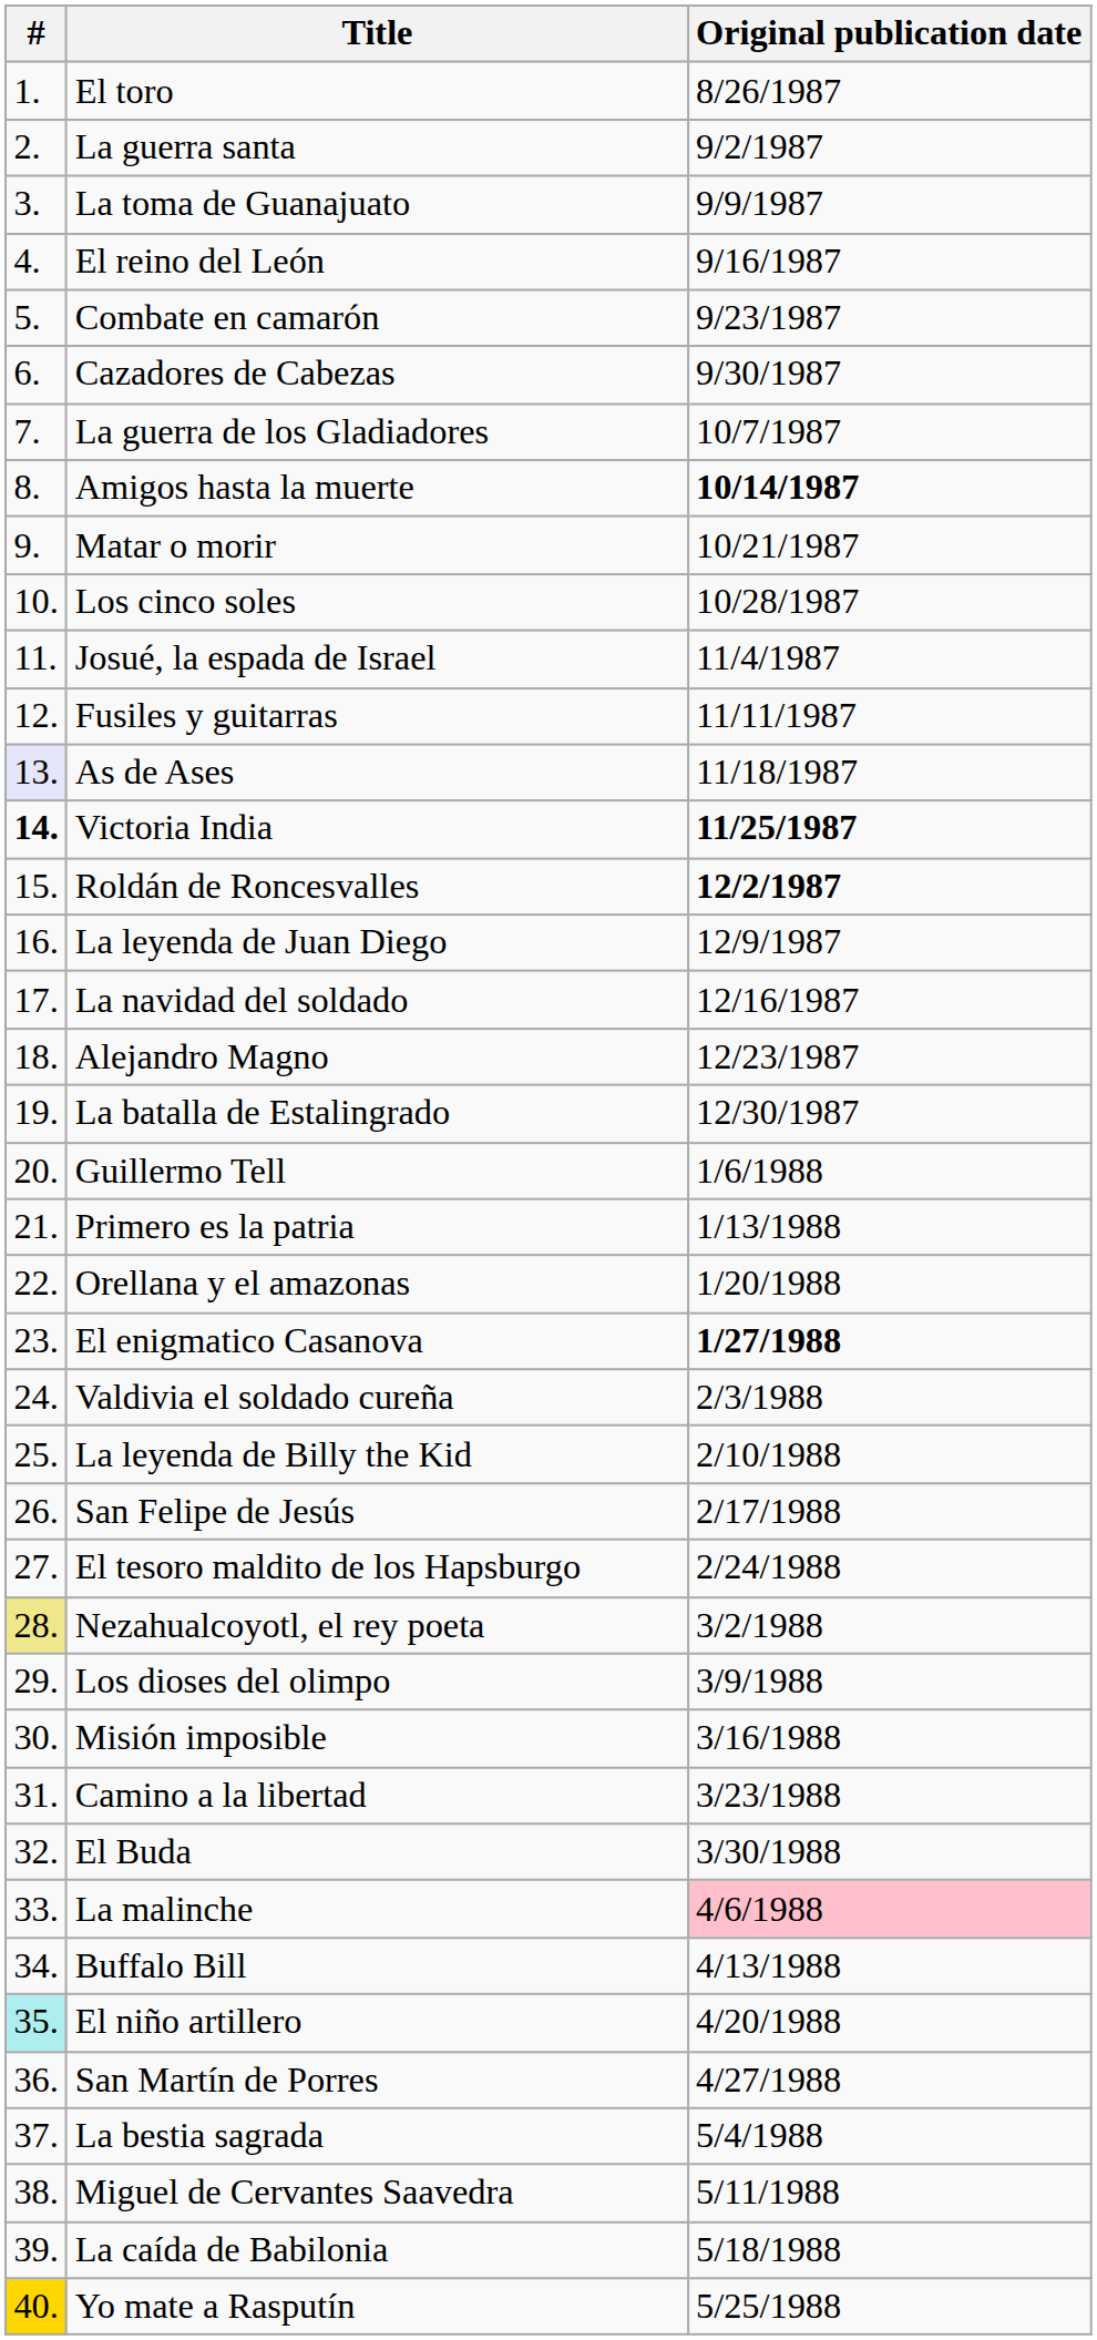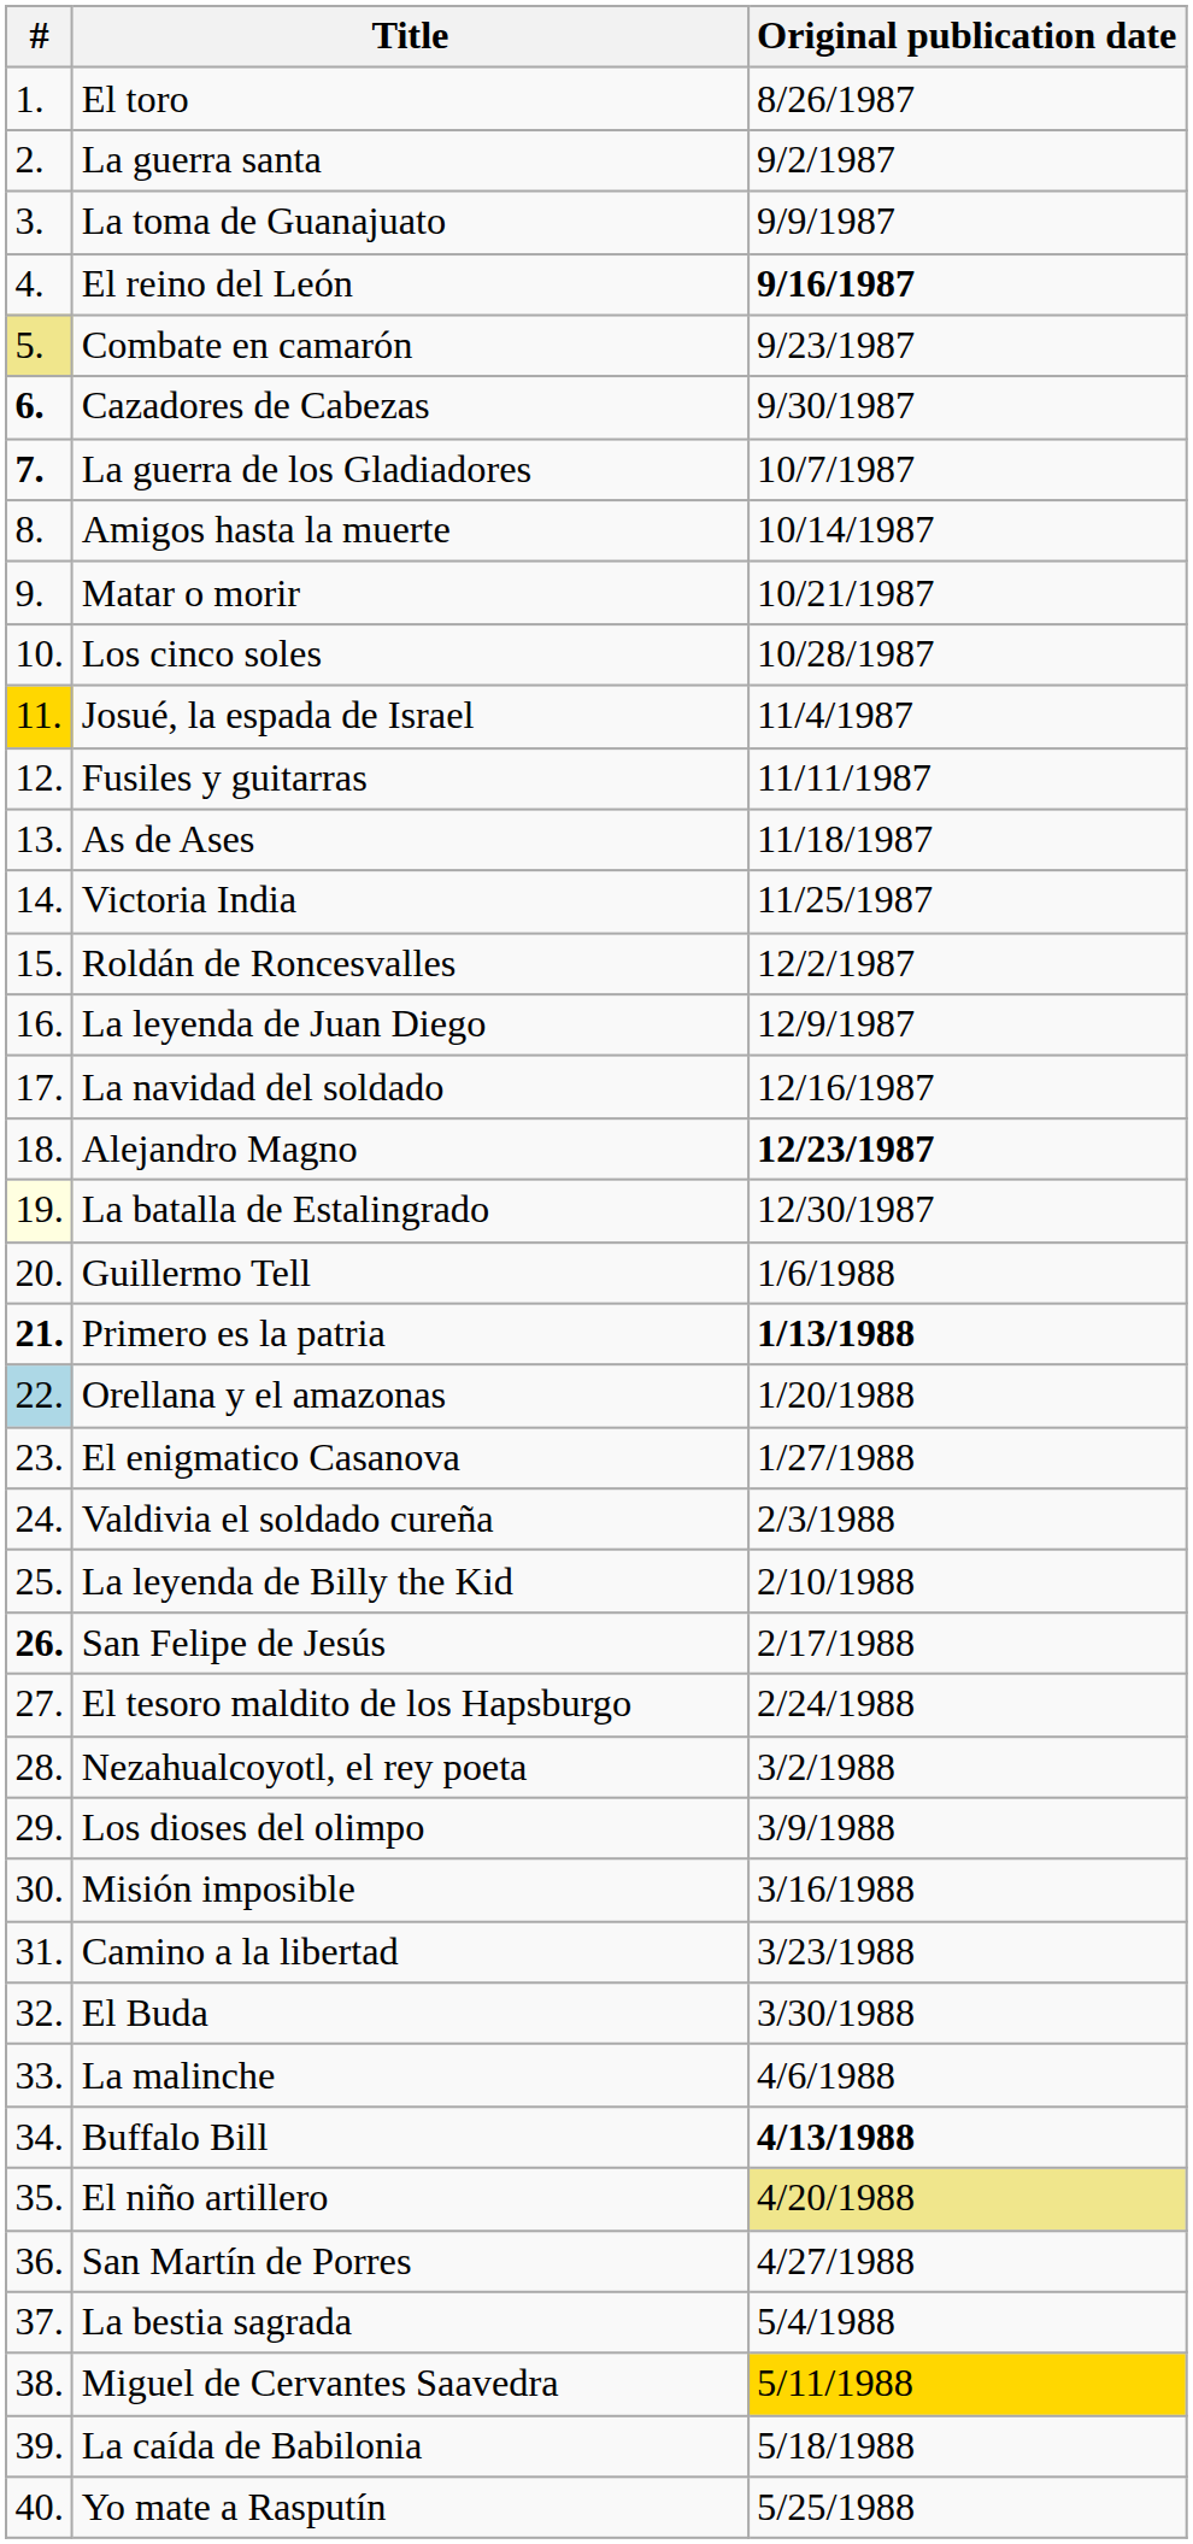 <table class="wikitable">
 <tr>
 <th>#</th>
 <th width="270">Title</th>
 <th>Original publication date</th>
 </tr>
 <tr>
 <td>1.</td>
 <td>El toro</td>
 <td>8/26/1987</td>
 </tr>
 <tr>
 <td>2.</td>
 <td>La guerra santa</td>
 <td>9/2/1987</td>
 </tr>
 <tr>
 <td>3.</td>
 <td>La toma de Guanajuato</td>
 <td>9/9/1987</td>
 </tr>
 <tr>
 <td>4.</td>
 <td>El reino del León</td>
-<td>9/16/1987</td>
+<td><strong>9/16/1987</strong></td>
 </tr>
 <tr>
-<td>5.</td>
+<td style="background: khaki;">5.</td>
 <td>Combate en camarón</td>
 <td>9/23/1987</td>
 </tr>
 <tr>
-<td>6.</td>
+<td><strong>6.</strong></td>
 <td>Cazadores de Cabezas</td>
 <td>9/30/1987</td>
 </tr>
 <tr>
-<td>7.</td>
+<td><strong>7.</strong></td>
 <td>La guerra de los Gladiadores</td>
 <td>10/7/1987</td>
 </tr>
 <tr>
 <td>8.</td>
 <td>Amigos hasta la muerte</td>
-<td><strong>10/14/1987</strong></td>
+<td>10/14/1987</td>
 </tr>
 <tr>
 <td>9.</td>
 <td>Matar o morir</td>
 <td>10/21/1987</td>
 </tr>
 <tr>
 <td>10.</td>
 <td>Los cinco soles</td>
 <td>10/28/1987</td>
 </tr>
 <tr>
-<td>11.</td>
+<td style="background: gold;">11.</td>
 <td>Josué, la espada de Israel</td>
 <td>11/4/1987</td>
 </tr>
 <tr>
 <td>12.</td>
 <td>Fusiles y guitarras</td>
 <td>11/11/1987</td>
 </tr>
 <tr>
-<td style="background: lavender;">13.</td>
+<td>13.</td>
 <td>As de Ases</td>
 <td>11/18/1987</td>
 </tr>
 <tr>
-<td><strong>14.</strong></td>
+<td>14.</td>
 <td>Victoria India</td>
-<td><strong>11/25/1987</strong></td>
+<td>11/25/1987</td>
 </tr>
 <tr>
 <td>15.</td>
 <td>Roldán de Roncesvalles</td>
-<td><strong>12/2/1987</strong></td>
+<td>12/2/1987</td>
 </tr>
 <tr>
 <td>16.</td>
 <td>La leyenda de Juan Diego</td>
 <td>12/9/1987</td>
 </tr>
 <tr>
 <td>17.</td>
 <td>La navidad del soldado</td>
 <td>12/16/1987</td>
 </tr>
 <tr>
 <td>18.</td>
 <td>Alejandro Magno</td>
-<td>12/23/1987</td>
+<td><strong>12/23/1987</strong></td>
 </tr>
 <tr>
-<td>19.</td>
+<td style="background: lightyellow;">19.</td>
 <td>La batalla de Estalingrado</td>
 <td>12/30/1987</td>
 </tr>
 <tr>
 <td>20.</td>
 <td>Guillermo Tell</td>
 <td>1/6/1988</td>
 </tr>
 <tr>
-<td>21.</td>
+<td><strong>21.</strong></td>
 <td>Primero es la patria</td>
-<td>1/13/1988</td>
+<td><strong>1/13/1988</strong></td>
 </tr>
 <tr>
-<td>22.</td>
+<td style="background: lightblue;">22.</td>
 <td>Orellana y el amazonas</td>
 <td>1/20/1988</td>
 </tr>
 <tr>
 <td>23.</td>
 <td>El enigmatico Casanova</td>
-<td><strong>1/27/1988</strong></td>
+<td>1/27/1988</td>
 </tr>
 <tr>
 <td>24.</td>
 <td>Valdivia el soldado cureña</td>
 <td>2/3/1988</td>
 </tr>
 <tr>
 <td>25.</td>
 <td>La leyenda de Billy the Kid</td>
 <td>2/10/1988</td>
 </tr>
 <tr>
-<td>26.</td>
+<td><strong>26.</strong></td>
 <td>San Felipe de Jesús</td>
 <td>2/17/1988</td>
 </tr>
 <tr>
 <td>27.</td>
 <td>El tesoro maldito de los Hapsburgo</td>
 <td>2/24/1988</td>
 </tr>
 <tr>
-<td style="background: khaki;">28.</td>
+<td>28.</td>
 <td>Nezahualcoyotl, el rey poeta</td>
 <td>3/2/1988</td>
 </tr>
 <tr>
 <td>29.</td>
 <td>Los dioses del olimpo</td>
 <td>3/9/1988</td>
 </tr>
 <tr>
 <td>30.</td>
 <td>Misión imposible</td>
 <td>3/16/1988</td>
 </tr>
 <tr>
 <td>31.</td>
 <td>Camino a la libertad</td>
 <td>3/23/1988</td>
 </tr>
 <tr>
 <td>32.</td>
 <td>El Buda</td>
 <td>3/30/1988</td>
 </tr>
 <tr>
 <td>33.</td>
 <td>La malinche</td>
-<td style="background: pink;">4/6/1988</td>
+<td>4/6/1988</td>
 </tr>
 <tr>
 <td>34.</td>
 <td>Buffalo Bill</td>
-<td>4/13/1988</td>
+<td><strong>4/13/1988</strong></td>
 </tr>
 <tr>
-<td style="background: paleturquoise;">35.</td>
+<td>35.</td>
 <td>El niño artillero</td>
-<td>4/20/1988</td>
+<td style="background: khaki;">4/20/1988</td>
 </tr>
 <tr>
 <td>36.</td>
 <td>San Martín de Porres</td>
 <td>4/27/1988</td>
 </tr>
 <tr>
 <td>37.</td>
 <td>La bestia sagrada</td>
 <td>5/4/1988</td>
 </tr>
 <tr>
 <td>38.</td>
 <td>Miguel de Cervantes Saavedra</td>
-<td>5/11/1988</td>
+<td style="background: gold;">5/11/1988</td>
 </tr>
 <tr>
 <td>39.</td>
 <td>La caída de Babilonia</td>
 <td>5/18/1988</td>
 </tr>
 <tr>
-<td style="background: gold;">40.</td>
+<td>40.</td>
 <td>Yo mate a Rasputín</td>
 <td>5/25/1988</td>
 </tr>
 </table>
